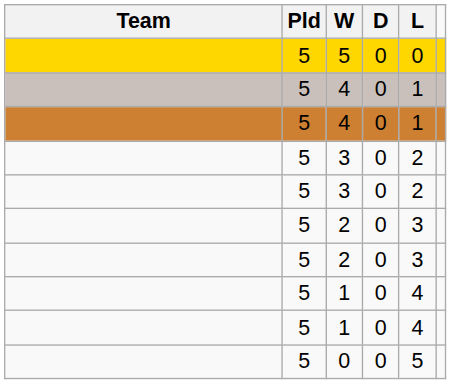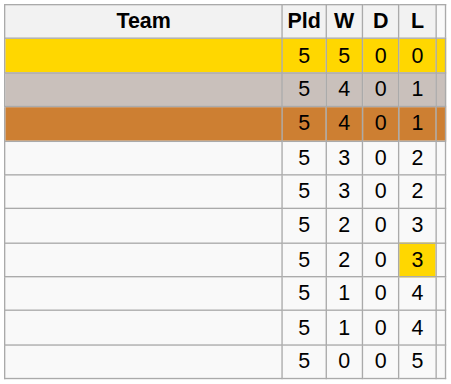 <table class="wikitable" style="text-align:center">
 <tr>
 <th width="200">Team</th>
 <th width="20">Pld</th>
 <th width="20">W</th>
 <th width="20">D</th>
 <th width="20">L</th>
 </tr>
 <tr style="background:#FFD700">
 <td align=left></td>
 <td>5</td>
 <td>5</td>
 <td>0</td>
 <td>0</td>
 <td></td>
 </tr>
 <tr style="background:#C9C0BB">
 <td align=left></td>
 <td>5</td>
 <td>4</td>
 <td>0</td>
 <td>1</td>
 <td></td>
 </tr>
 <tr style="background:#CD7F32">
 <td align=left></td>
 <td>5</td>
 <td>4</td>
 <td>0</td>
 <td>1</td>
 <td></td>
 </tr>
 <tr>
 <td align=left></td>
 <td>5</td>
 <td>3</td>
 <td>0</td>
 <td>2</td>
 <td></td>
 </tr>
 <tr>
 <td align=left></td>
 <td>5</td>
 <td>3</td>
 <td>0</td>
 <td>2</td>
 <td></td>
 </tr>
 <tr>
 <td align=left></td>
 <td>5</td>
 <td>2</td>
 <td>0</td>
 <td>3</td>
 <td></td>
 </tr>
 <tr>
 <td align=left></td>
 <td>5</td>
 <td>2</td>
 <td>0</td>
-<td>3</td>
+<td style="background: gold;">3</td>
 <td></td>
 </tr>
 <tr>
 <td align=left></td>
 <td>5</td>
 <td>1</td>
 <td>0</td>
 <td>4</td>
 <td></td>
 </tr>
 <tr>
 <td align=left></td>
 <td>5</td>
 <td>1</td>
 <td>0</td>
 <td>4</td>
 <td></td>
 </tr>
 <tr>
 <td align=left></td>
 <td>5</td>
 <td>0</td>
 <td>0</td>
 <td>5</td>
 <td></td>
 </tr>
 </table>
